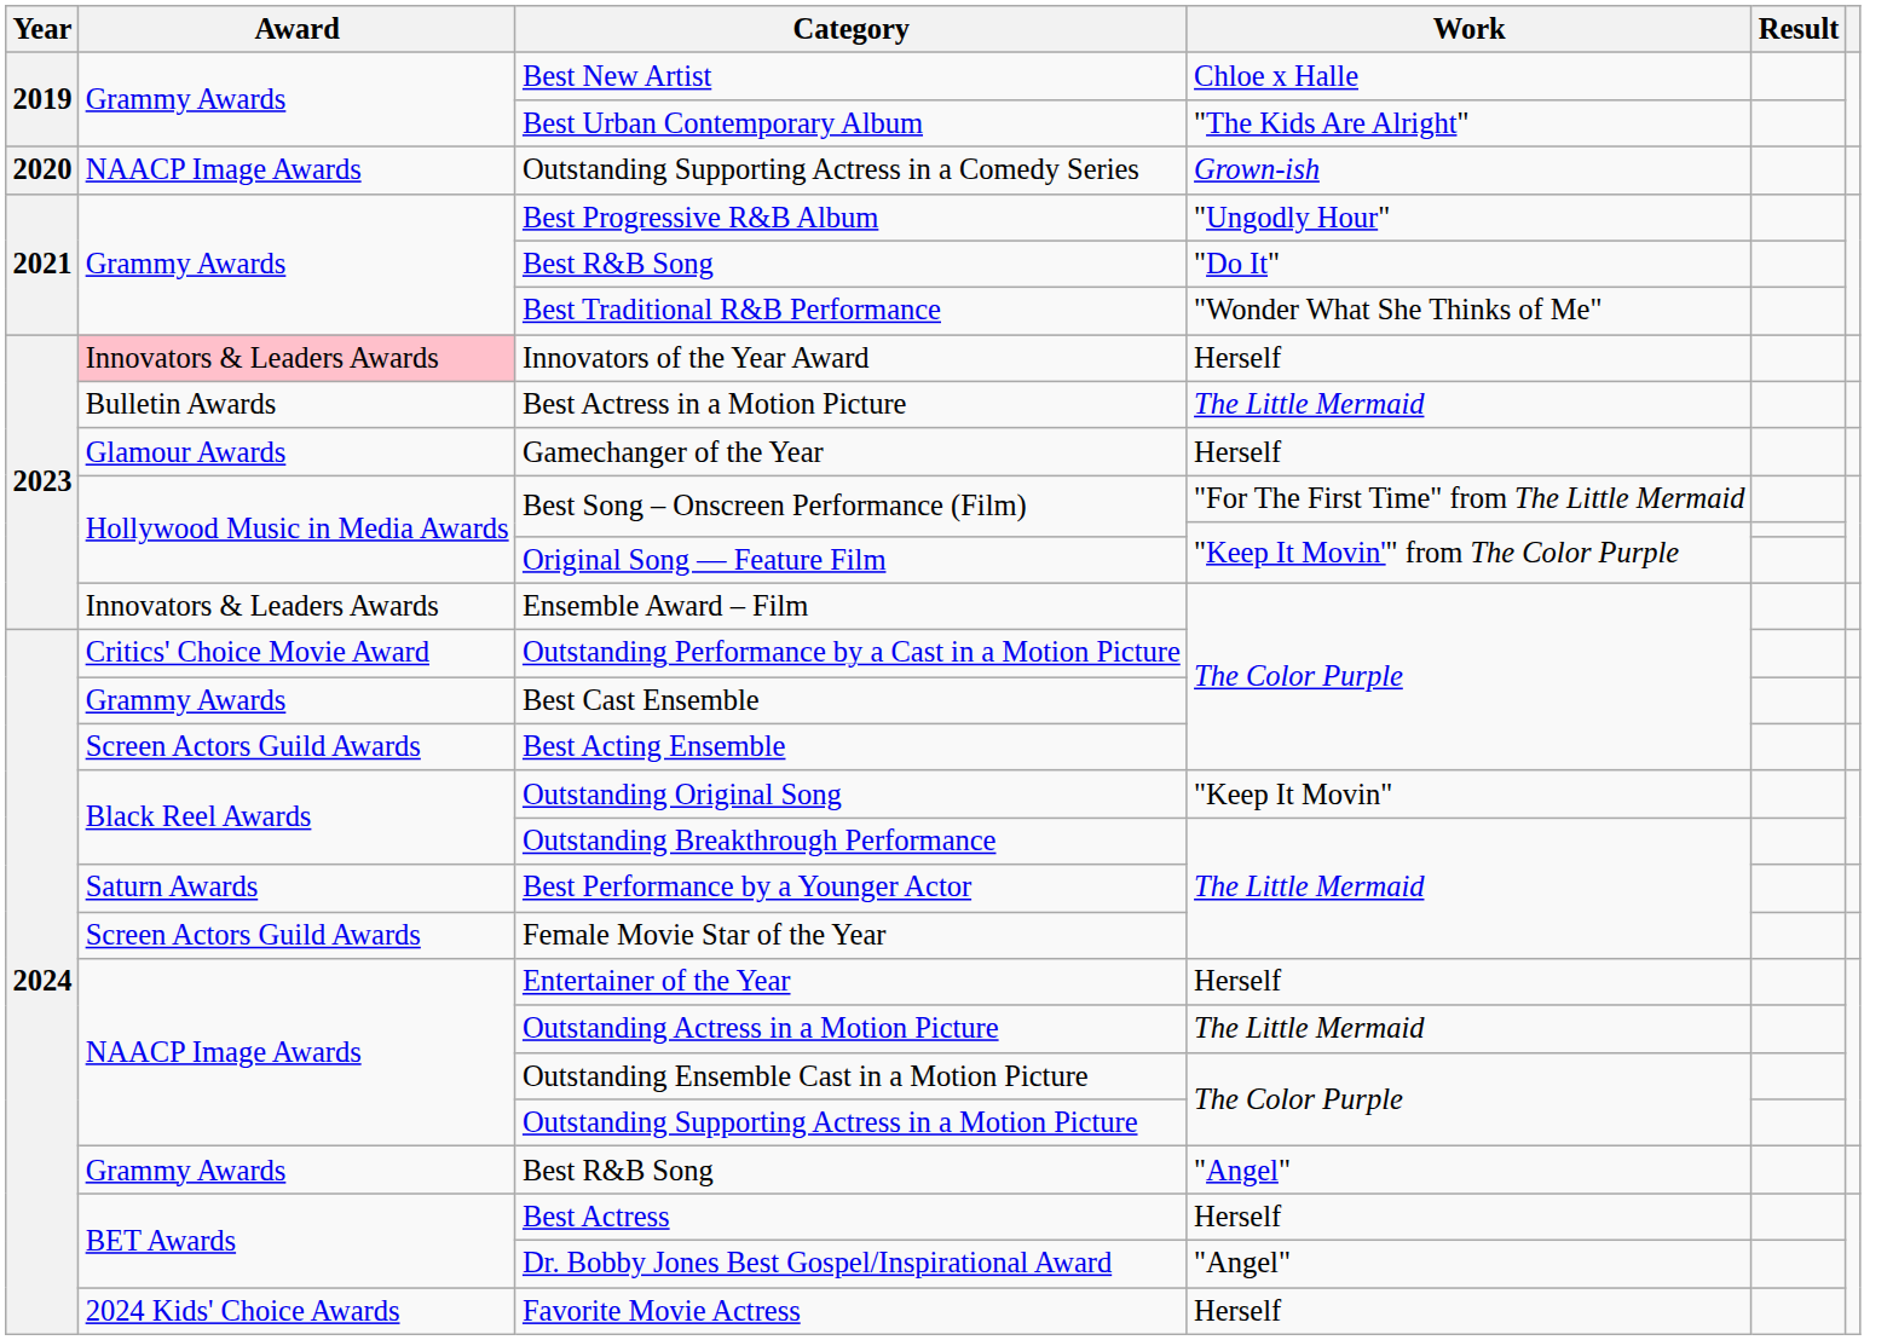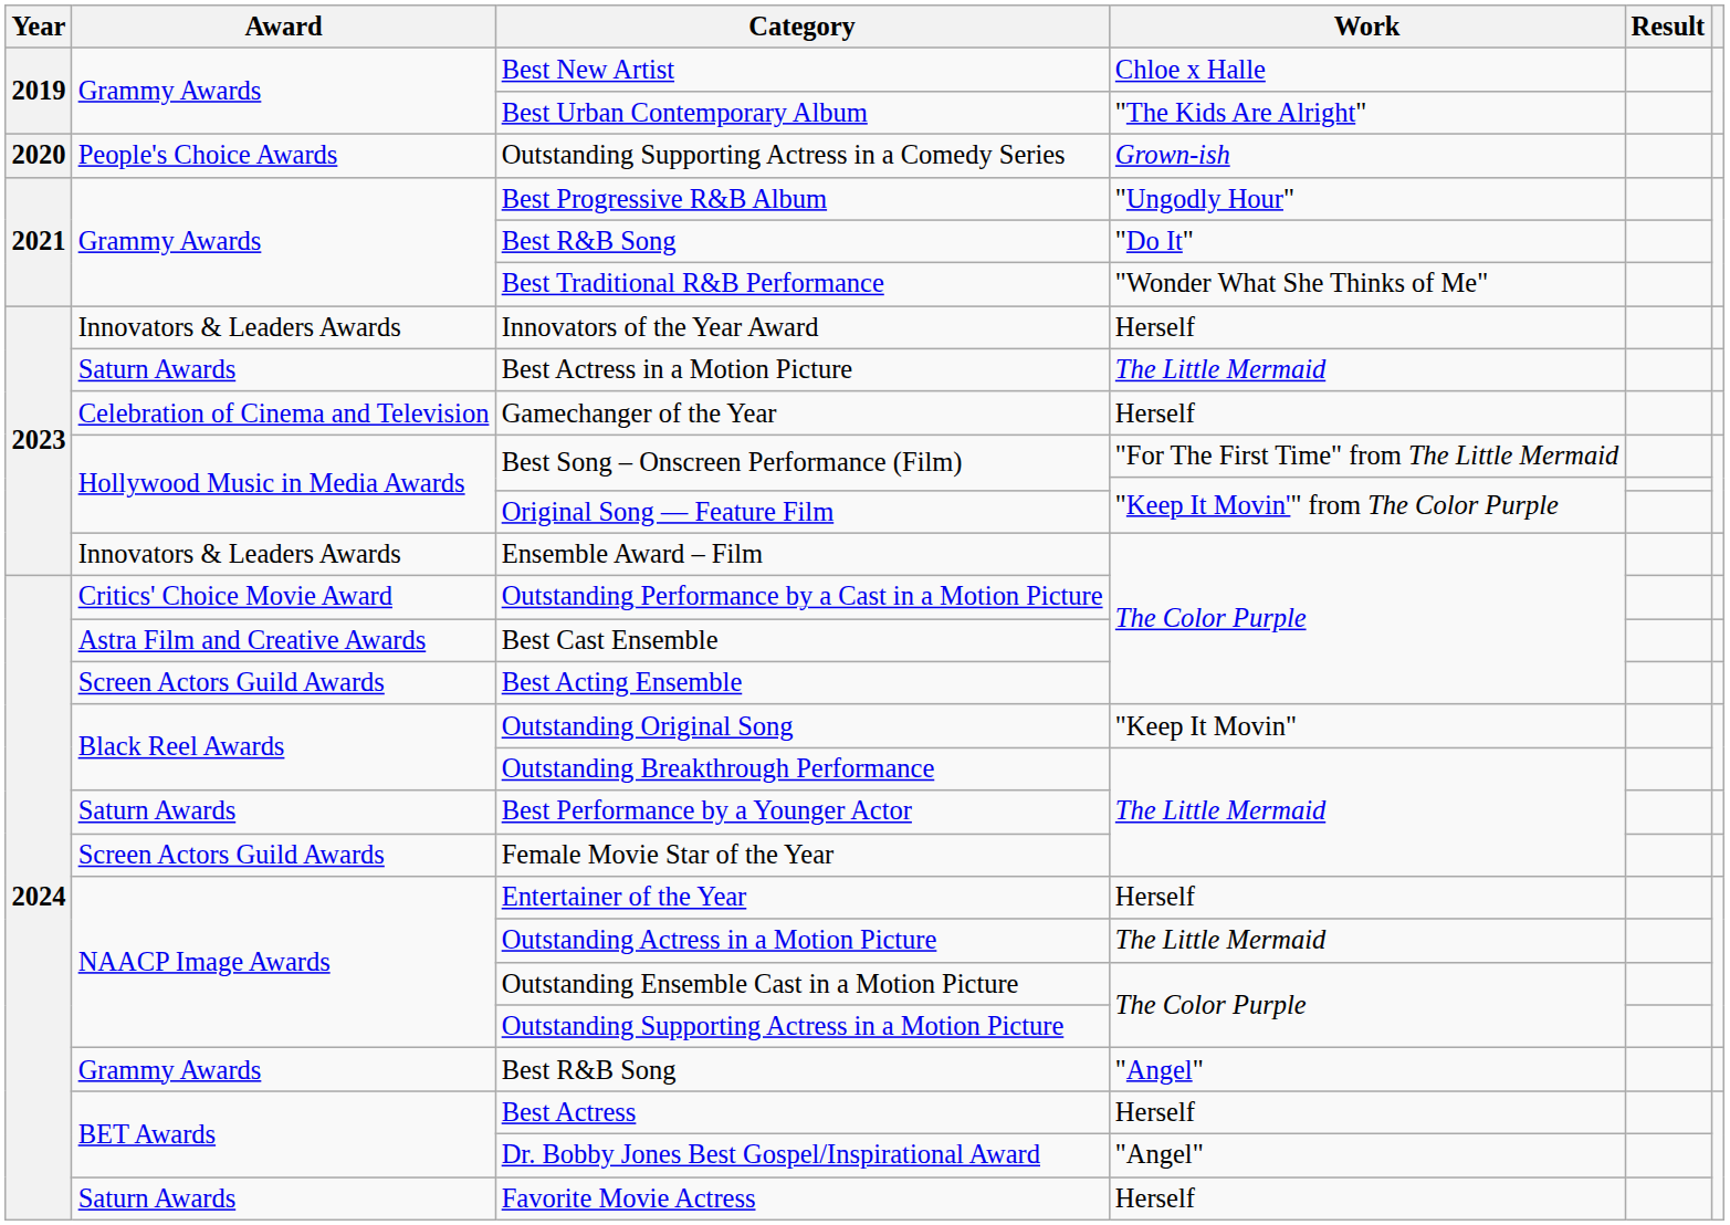 <table class="wikitable sortable plainrowheaders">
 <tr>
 <th scope="col">Year</th>
 <th scope="col">Award</th>
 <th scope="col">Category</th>
 <th scope="col">Work</th>
 <th scope="col">Result</th>
 <th scope="col" class="unsortable"></th>
 </tr>
 <tr>
 <th scope="row" rowspan="2">2019</th>
 <td rowspan="2"><a href='#'>Grammy Awards</a></td>
 <td><a href='#'>Best New Artist</a></td>
 <td><a href='#'>Chloe x Halle</a></td>
 <td></td>
 <td style="text-align: center;" rowspan="2"></td>
 </tr>
 <tr>
 <td><a href='#'>Best Urban Contemporary Album</a></td>
 <td>"<a href='#'>The Kids Are Alright</a>"</td>
 <td></td>
 </tr>
 <tr>
 <th scope="row">2020</th>
-<td><a href='#'>NAACP Image Awards</a></td>
+<td><a href='#'>People's Choice Awards</a></td>
 <td>Outstanding Supporting Actress in a Comedy Series</td>
 <td><em><a href='#'>Grown-ish</a></em></td>
 <td></td>
 <td style="text-align: center;"></td>
 </tr>
 <tr>
 <th rowspan="3" scope="row">2021</th>
 <td rowspan="3"><a href='#'>Grammy Awards</a></td>
 <td><a href='#'>Best Progressive R&B Album</a></td>
 <td>"<a href='#'>Ungodly Hour</a>"</td>
 <td></td>
 <td style="text-align: center;" rowspan="3"></td>
 </tr>
 <tr>
 <td><a href='#'>Best R&B Song</a></td>
 <td>"<a href='#'>Do It</a>"</td>
 <td></td>
 </tr>
 <tr>
 <td><a href='#'>Best Traditional R&B Performance</a></td>
 <td>"Wonder What She Thinks of Me"</td>
 <td></td>
 </tr>
 <tr>
 <th rowspan="7" scope="row">2023</th>
-<td style="background: pink;">Innovators & Leaders Awards</td>
+<td>Innovators & Leaders Awards</td>
 <td>Innovators of the Year Award</td>
 <td>Herself</td>
 <td></td>
 <td style="text-align: center;"></td>
 </tr>
 <tr>
-<td>Bulletin Awards</td>
+<td><a href='#'>Saturn Awards</a></td>
 <td>Best Actress in a Motion Picture</td>
 <td><em><a href='#'>The Little Mermaid</a></em></td>
 <td></td>
 <td style="text-align: center;"></td>
 </tr>
 <tr>
-<td><a href='#'>Glamour Awards</a></td>
+<td><a href='#'>Celebration of Cinema and Television</a></td>
 <td>Gamechanger of the Year</td>
 <td>Herself</td>
 <td></td>
 <td style="text-align: center;"></td>
 </tr>
 <tr>
 <td rowspan="3"><a href='#'>Hollywood Music in Media Awards</a></td>
 <td rowspan="2">Best Song – Onscreen Performance (Film)</td>
 <td>"For The First Time" from <em>The Little Mermaid</em></td>
 <td></td>
 <td style="text-align: center;" rowspan="3"></td>
 </tr>
 <tr>
 <td rowspan="2">"<a href='#'>Keep It Movin'</a>" from <em>The Color Purple</em></td>
 <td></td>
 </tr>
 <tr>
 <td><a href='#'>Original Song — Feature Film</a></td>
 <td></td>
 </tr>
 <tr>
 <td>Innovators & Leaders Awards</td>
 <td>Ensemble Award – Film</td>
 <td rowspan="4"><em><a href='#'>The Color Purple</a></em></td>
 <td></td>
 <td style="text-align: center;"></td>
 </tr>
 <tr>
 <th rowspan="16" scope="row">2024</th>
 <td><a href='#'>Critics' Choice Movie Award</a></td>
 <td><a href='#'>Outstanding Performance by a Cast in a Motion Picture</a></td>
 <td></td>
 <td align="center"></td>
 </tr>
 <tr>
-<td><a href='#'>Grammy Awards</a></td>
+<td><a href='#'>Astra Film and Creative Awards</a></td>
 <td>Best Cast Ensemble</td>
 <td></td>
 <td style="text-align: center;"></td>
 </tr>
 <tr>
 <td><a href='#'>Screen Actors Guild Awards</a></td>
 <td><a href='#'>Best Acting Ensemble</a></td>
 <td></td>
 <td style="text-align: center;"></td>
 </tr>
 <tr>
 <td rowspan="2"><a href='#'>Black Reel Awards</a></td>
 <td><a href='#'>Outstanding Original Song</a></td>
 <td>"Keep It Movin"</td>
 <td></td>
 <td style="text-align: center;" rowspan="2"></td>
 </tr>
 <tr>
 <td><a href='#'>Outstanding Breakthrough Performance</a></td>
 <td rowspan="3"><em><a href='#'>The Little Mermaid</a></em></td>
 <td></td>
 </tr>
 <tr>
 <td><a href='#'>Saturn Awards</a></td>
 <td><a href='#'>Best Performance by a Younger Actor</a></td>
 <td></td>
 <td style="text-align: center;"></td>
 </tr>
 <tr>
 <td><a href='#'>Screen Actors Guild Awards</a></td>
 <td>Female Movie Star of the Year</td>
 <td></td>
 <td style="text-align: center"></td>
 </tr>
 <tr>
 <td rowspan="4"><a href='#'>NAACP Image Awards</a></td>
 <td><a href='#'>Entertainer of the Year</a></td>
 <td>Herself</td>
 <td></td>
 <td style="text-align: center;" rowspan="4"></td>
 </tr>
 <tr>
 <td><a href='#'>Outstanding Actress in a Motion Picture</a></td>
 <td><em>The Little Mermaid</em></td>
 <td></td>
 </tr>
 <tr>
 <td>Outstanding Ensemble Cast in a Motion Picture</td>
 <td rowspan="2"><em>The Color Purple</em></td>
 <td></td>
 </tr>
 <tr>
 <td><a href='#'>Outstanding Supporting Actress in a Motion Picture</a></td>
 <td></td>
 </tr>
 <tr>
 <td><a href='#'>Grammy Awards</a></td>
 <td>Best R&B Song</td>
 <td>"<a href='#'>Angel</a>"</td>
 <td></td>
 <td style="text-align: center;" rowspan="1"></td>
 </tr>
 <tr>
 <td rowspan="2"><a href='#'>BET Awards</a></td>
 <td><a href='#'>Best Actress</a></td>
 <td>Herself</td>
 <td></td>
 <td rowspan="3"></td>
 </tr>
 <tr>
 <td><a href='#'> Dr. Bobby Jones Best Gospel/Inspirational Award</a></td>
 <td>"Angel"</td>
 <td></td>
 </tr>
 <tr>
-<td><a href='#'>2024 Kids' Choice Awards</a></td>
+<td><a href='#'>Saturn Awards</a></td>
 <td><a href='#'>Favorite Movie Actress</a></td>
 <td>Herself</td>
 <td></td>
 </tr>
 </table>
